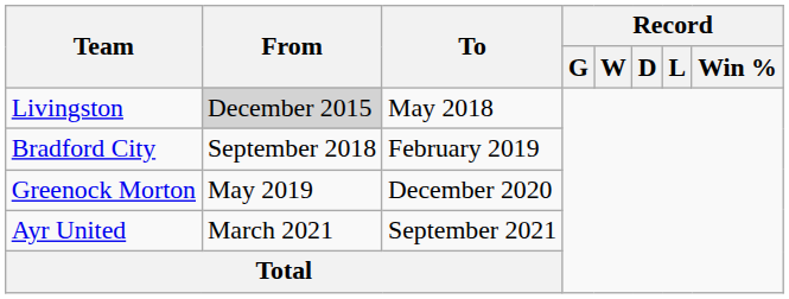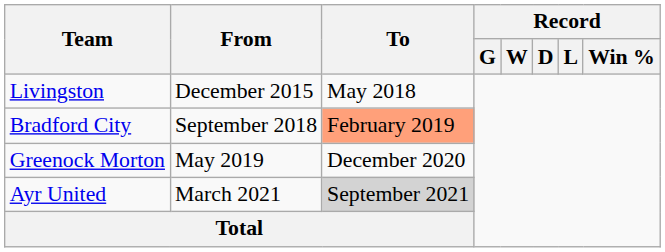 <table class="wikitable" style="text-align: center">
 <tr>
 <th rowspan="2">Team</th>
 <th rowspan="2">From</th>
 <th rowspan="2">To</th>
 <th colspan="5">Record</th>
 </tr>
 <tr>
 <th>G</th>
 <th>W</th>
 <th>D</th>
 <th>L</th>
 <th>Win %</th>
 </tr>
 <tr>
 <td align=left><a href='#'>Livingston</a></td>
-<td align=left style="background: lightgrey;">December 2015</td>
+<td align=left>December 2015</td>
 <td align=left>May 2018<br></td>
 </tr>
 <tr>
 <td align=left><a href='#'>Bradford City</a></td>
 <td align=left>September 2018</td>
-<td align=left>February 2019<br></td>
+<td align=left style="background: lightsalmon;">February 2019<br></td>
 </tr>
 <tr>
 <td align=left><a href='#'>Greenock Morton</a></td>
 <td align=left>May 2019</td>
 <td align=left>December 2020<br></td>
 </tr>
 <tr>
 <td align=left><a href='#'>Ayr United</a></td>
 <td align=left>March 2021</td>
-<td align=left>September 2021<br></td>
+<td align=left style="background: lightgrey;">September 2021<br></td>
 </tr>
 <tr>
 <th colspan="3">Total<br></th>
 </tr>
 </table>
